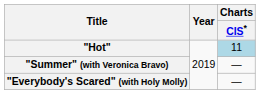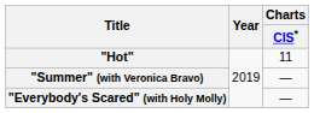 <table class="wikitable plainrowheaders" style="text-align:left;">
 <tr>
 <th scope="col"rowspan="2">Title</th>
 <th scope="col"rowspan="2">Year</th>
 <th scope="col"colspan="1">Charts</th>
 </tr>
 <tr>
 <th colspan="1" align="center"><a href='#'>CIS</a><sup>*</sup><br></th>
 </tr>
 <tr>
 <th scope="row">"Hot"</th>
 <td rowspan="3">2019</td>
-<td align=center style="background: lightblue;">11</td>
+<td align=center>11</td>
 </tr>
 <tr>
 <th scope="row">"Summer" <small>(with Veronica Bravo)</small></th>
 <td align=center>—</td>
 </tr>
 <tr>
 <th scope="row">"Everybody's Scared" <small>(with Holy Molly)</small></th>
 <td align=center>—</td>
 </tr>
 </table>
